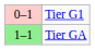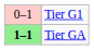 <table class="wikitable">
 <tr>
 <td width="40px" bgcolor="#ffcccc" align="center">0–1</td>
 <td><a href='#'>Tier G1</a></td>
 </tr>
 <tr>
-<td width="40px"bgcolor="lightgreen" align="center">1–1</td>
+<td width="40px"bgcolor="lightgreen" align="center"><strong>1–1</strong></td>
 <td><a href='#'>Tier GA</a></td>
 </tr>
 </table>
